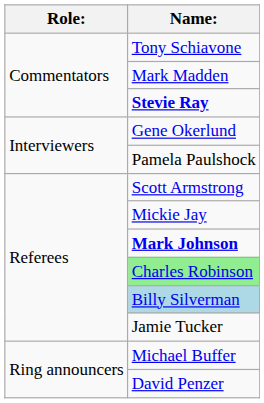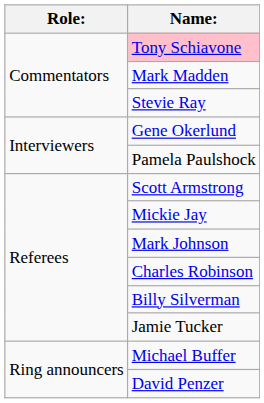 <table class=wikitable style="font-size:90%; margin: 0.5em 0 0.5em 1em; float: right; clear: right;">
 <tr>
 <th>Role:</th>
 <th>Name:</th>
 </tr>
 <tr>
 <td rowspan=3>Commentators</td>
-<td><a href='#'>Tony Schiavone</a></td>
+<td style="background: pink;"><a href='#'>Tony Schiavone</a></td>
 </tr>
 <tr>
 <td><a href='#'>Mark Madden</a></td>
 </tr>
 <tr>
-<td><strong><a href='#'>Stevie Ray</a></strong></td>
+<td><a href='#'>Stevie Ray</a></td>
 </tr>
 <tr>
 <td rowspan=2>Interviewers</td>
 <td><a href='#'>Gene Okerlund</a></td>
 </tr>
 <tr>
 <td>Pamela Paulshock</td>
 </tr>
 <tr>
 <td rowspan=6>Referees</td>
 <td><a href='#'>Scott Armstrong</a></td>
 </tr>
 <tr>
 <td><a href='#'>Mickie Jay</a></td>
 </tr>
 <tr>
-<td><strong><a href='#'>Mark Johnson</a></strong></td>
+<td><a href='#'>Mark Johnson</a></td>
 </tr>
 <tr>
-<td style="background: lightgreen;"><a href='#'>Charles Robinson</a></td>
+<td><a href='#'>Charles Robinson</a></td>
 </tr>
 <tr>
-<td style="background: lightblue;"><a href='#'>Billy Silverman</a></td>
+<td><a href='#'>Billy Silverman</a></td>
 </tr>
 <tr>
 <td>Jamie Tucker</td>
 </tr>
 <tr>
 <td rowspan=2>Ring announcers</td>
 <td><a href='#'>Michael Buffer</a></td>
 </tr>
 <tr>
 <td><a href='#'>David Penzer</a></td>
 </tr>
 </table>
